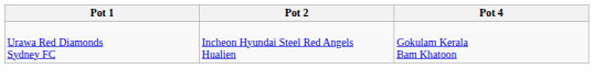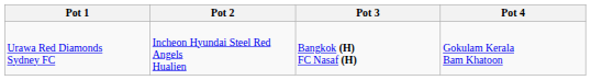 <table class="wikitable">
 <tr>
 <th width=20%>Pot 1</th>
 <th width=20%>Pot 2</th>
+<th width=20%>Pot 3</th>
 <th width=20%>Pot 4</th>
 </tr>
 <tr>
 <td><br> <a href='#'>Urawa Red Diamonds</a> <br>  <a href='#'>Sydney FC</a></td>
 <td><br> <a href='#'>Incheon Hyundai Steel Red Angels</a> <br>  <a href='#'>Hualien</a></td>
+<td><br> <a href='#'>Bangkok</a> <strong>(H)</strong> <br>   <a href='#'>FC Nasaf</a> <strong>(H)</strong></td>
 <td><br> <a href='#'>Gokulam Kerala</a> <br>  <a href='#'>Bam Khatoon</a></td>
 </tr>
 </table>
